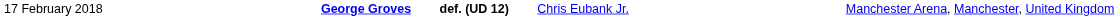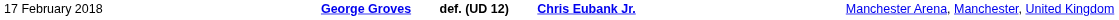 <table style="width:100%;" cellspacing="1">
 <tr>
 <th width=15%></th>
 <th width=25%></th>
 <th width=10%></th>
 <th width=25%></th>
 </tr>
 <tr style=font-size:100%>
 <td align=right>17 February 2018</td>
 <td align=right><strong><a href='#'>George Groves</a></strong> </td>
 <td align=center><strong>def. (UD 12)</strong></td>
-<td> <a href='#'>Chris Eubank Jr.</a></td>
+<td><strong> <a href='#'>Chris Eubank Jr.</a></strong></td>
 <td><a href='#'>Manchester Arena</a>, <a href='#'>Manchester</a>, <a href='#'>United Kingdom</a></td>
 </tr>
 </table>
